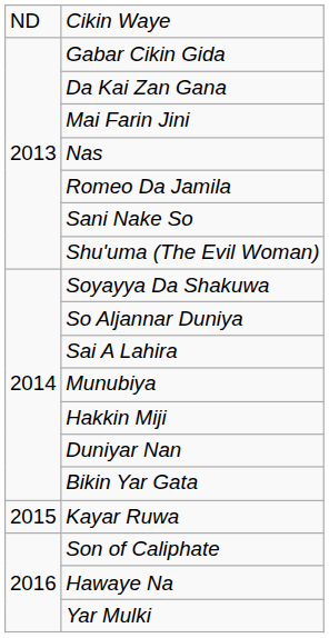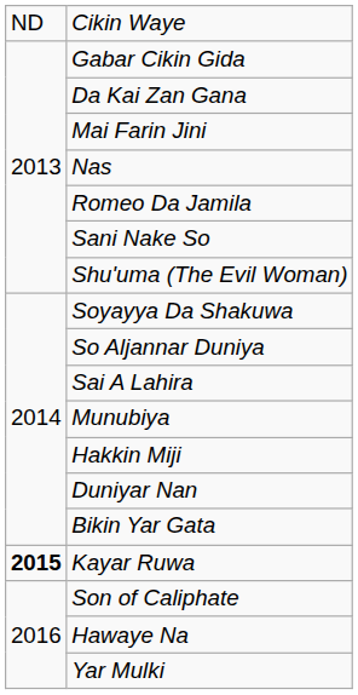 <table class="wikitable">
 <tr>
 <td>ND</td>
 <td><em>Cikin Waye</em></td>
 </tr>
 <tr>
 <td rowspan="7">2013</td>
 <td><em>Gabar Cikin Gida</em></td>
 </tr>
 <tr>
 <td><em>Da Kai Zan Gana</em></td>
 </tr>
 <tr>
 <td><em>Mai Farin Jini</em></td>
 </tr>
 <tr>
 <td><em>Nas</em></td>
 </tr>
 <tr>
 <td><em>Romeo Da Jamila</em></td>
 </tr>
 <tr>
 <td><em>Sani Nake So</em></td>
 </tr>
 <tr>
 <td><em>Shu'uma (The Evil Woman)</em></td>
 </tr>
 <tr>
 <td rowspan="7">2014</td>
 <td><em>Soyayya Da Shakuwa</em></td>
 </tr>
 <tr>
 <td><em>So Aljannar Duniya</em></td>
 </tr>
 <tr>
 <td><em>Sai A Lahira</em></td>
 </tr>
 <tr>
 <td><em>Munubiya</em></td>
 </tr>
 <tr>
 <td><em>Hakkin Miji</em></td>
 </tr>
 <tr>
 <td><em>Duniyar Nan</em></td>
 </tr>
 <tr>
 <td><em>Bikin Yar Gata</em></td>
 </tr>
 <tr>
-<td>2015</td>
+<td><strong>2015</strong></td>
 <td><em>Kayar Ruwa</em></td>
 </tr>
 <tr>
 <td rowspan="3">2016</td>
 <td><em>Son of Caliphate</em></td>
 </tr>
 <tr>
 <td><em>Hawaye Na</em></td>
 </tr>
 <tr>
 <td><em>Yar Mulki</em></td>
 </tr>
 </table>
